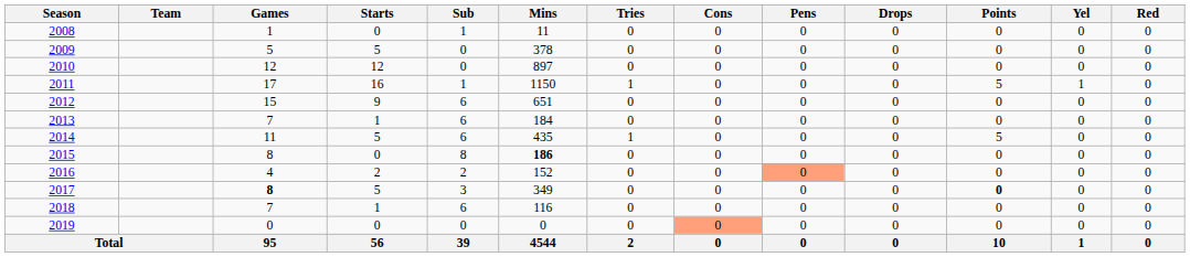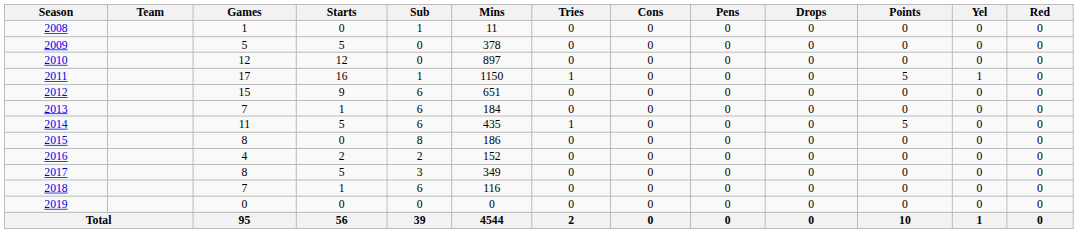 <table class="wikitable" style="text-align:center; line-height:90%; font-size:95%; width:70%;">
 <tr>
 <th>Season</th>
 <th>Team</th>
 <th>Games</th>
 <th>Starts</th>
 <th>Sub</th>
 <th>Mins</th>
 <th>Tries</th>
 <th>Cons</th>
 <th>Pens</th>
 <th>Drops</th>
 <th>Points</th>
 <th>Yel</th>
 <th>Red</th>
 </tr>
 <tr>
 <td><a href='#'>2008</a></td>
 <td></td>
 <td>1</td>
 <td>0</td>
 <td>1</td>
 <td>11</td>
 <td>0</td>
 <td>0</td>
 <td>0</td>
 <td>0</td>
 <td>0</td>
 <td>0</td>
 <td>0</td>
 </tr>
 <tr>
 <td><a href='#'>2009</a></td>
 <td></td>
 <td>5</td>
 <td>5</td>
 <td>0</td>
 <td>378</td>
 <td>0</td>
 <td>0</td>
 <td>0</td>
 <td>0</td>
 <td>0</td>
 <td>0</td>
 <td>0</td>
 </tr>
 <tr>
 <td><a href='#'>2010</a></td>
 <td></td>
 <td>12</td>
 <td>12</td>
 <td>0</td>
 <td>897</td>
 <td>0</td>
 <td>0</td>
 <td>0</td>
 <td>0</td>
 <td>0</td>
 <td>0</td>
 <td>0</td>
 </tr>
 <tr>
 <td><a href='#'>2011</a></td>
 <td></td>
 <td>17</td>
 <td>16</td>
 <td>1</td>
 <td>1150</td>
 <td>1</td>
 <td>0</td>
 <td>0</td>
 <td>0</td>
 <td>5</td>
 <td>1</td>
 <td>0</td>
 </tr>
 <tr>
 <td><a href='#'>2012</a></td>
 <td></td>
 <td>15</td>
 <td>9</td>
 <td>6</td>
 <td>651</td>
 <td>0</td>
 <td>0</td>
 <td>0</td>
 <td>0</td>
 <td>0</td>
 <td>0</td>
 <td>0</td>
 </tr>
 <tr>
 <td><a href='#'>2013</a></td>
 <td></td>
 <td>7</td>
 <td>1</td>
 <td>6</td>
 <td>184</td>
 <td>0</td>
 <td>0</td>
 <td>0</td>
 <td>0</td>
 <td>0</td>
 <td>0</td>
 <td>0</td>
 </tr>
 <tr>
 <td><a href='#'>2014</a></td>
 <td></td>
 <td>11</td>
 <td>5</td>
 <td>6</td>
 <td>435</td>
 <td>1</td>
 <td>0</td>
 <td>0</td>
 <td>0</td>
 <td>5</td>
 <td>0</td>
 <td>0</td>
 </tr>
 <tr>
 <td><a href='#'>2015</a></td>
 <td></td>
 <td>8</td>
 <td>0</td>
 <td>8</td>
-<td><strong>186</strong></td>
+<td>186</td>
 <td>0</td>
 <td>0</td>
 <td>0</td>
 <td>0</td>
 <td>0</td>
 <td>0</td>
 <td>0</td>
 </tr>
 <tr>
 <td><a href='#'>2016</a></td>
 <td></td>
 <td>4</td>
 <td>2</td>
 <td>2</td>
 <td>152</td>
 <td>0</td>
 <td>0</td>
-<td style="background: lightsalmon;">0</td>
+<td>0</td>
 <td>0</td>
 <td>0</td>
 <td>0</td>
 <td>0</td>
 </tr>
 <tr>
 <td><a href='#'>2017</a></td>
 <td></td>
-<td><strong>8</strong></td>
+<td>8</td>
 <td>5</td>
 <td>3</td>
 <td>349</td>
 <td>0</td>
 <td>0</td>
 <td>0</td>
 <td>0</td>
-<td><strong>0</strong></td>
+<td>0</td>
 <td>0</td>
 <td>0</td>
 </tr>
 <tr>
 <td><a href='#'>2018</a></td>
 <td></td>
 <td>7</td>
 <td>1</td>
 <td>6</td>
 <td>116</td>
 <td>0</td>
 <td>0</td>
 <td>0</td>
 <td>0</td>
 <td>0</td>
 <td>0</td>
 <td>0</td>
 </tr>
 <tr>
 <td><a href='#'>2019</a></td>
 <td></td>
 <td>0</td>
 <td>0</td>
 <td>0</td>
 <td>0</td>
 <td>0</td>
-<td style="background: lightsalmon;">0</td>
+<td>0</td>
 <td>0</td>
 <td>0</td>
 <td>0</td>
 <td>0</td>
 <td>0</td>
 </tr>
 <tr>
 <th colspan="2">Total</th>
 <th>95</th>
 <th>56</th>
 <th>39</th>
 <th>4544</th>
 <th>2</th>
 <th>0</th>
 <th>0</th>
 <th>0</th>
 <th>10</th>
 <th>1</th>
 <th>0</th>
 </tr>
 </table>
